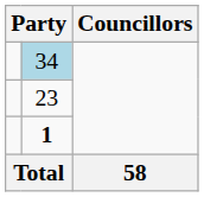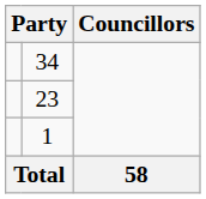 <table class="wikitable">
 <tr>
 <th colspan=2>Party</th>
 <th>Councillors</th>
 </tr>
 <tr>
 <td></td>
-<td align=center style="background: lightblue;">34</td>
+<td align=center>34</td>
 </tr>
 <tr>
 <td></td>
 <td align=center>23</td>
 </tr>
 <tr>
 <td></td>
-<td align=center><strong>1</strong></td>
+<td align=center>1</td>
 </tr>
 <tr>
 <th colspan=2>Total</th>
 <th align=center>58</th>
 </tr>
 </table>
